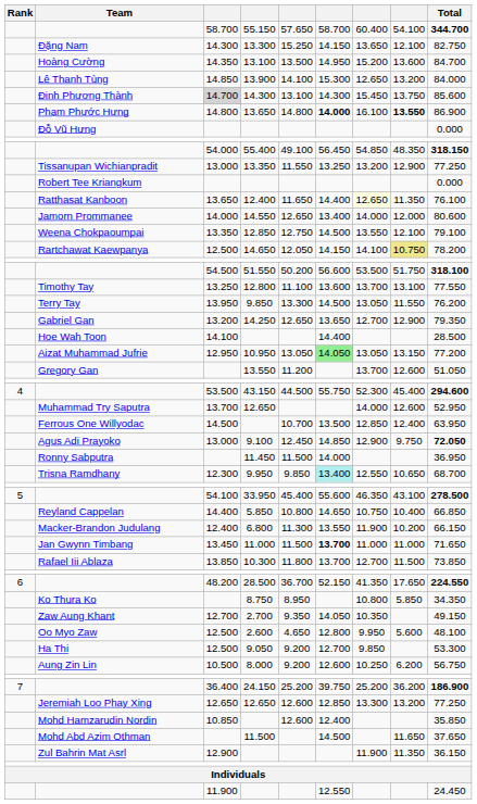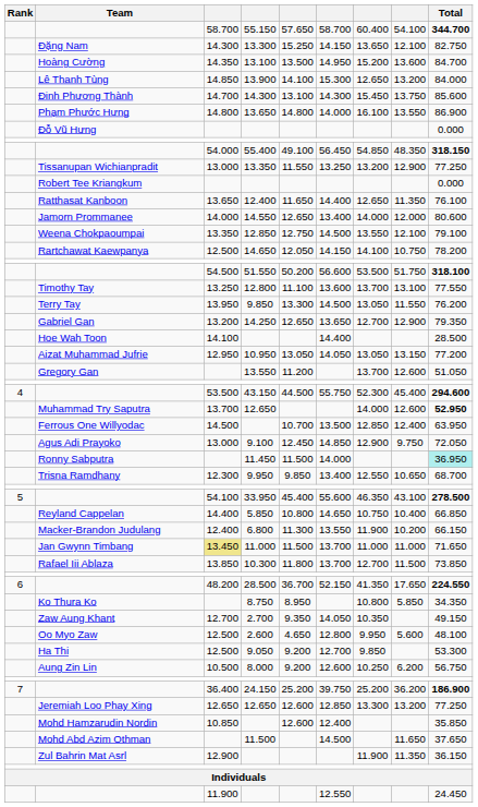 <table class=wikitable style="text-align:center">
 <tr>
 <th width=40>Rank</th>
 <th width=250>Team</th>
 <th width=50></th>
 <th width=50></th>
 <th width=50></th>
 <th width=50></th>
 <th width=50></th>
 <th width=50></th>
 <th width=60>Total</th>
 </tr>
 <tr>
 <td></td>
 <td align="left"></td>
 <td>58.700</td>
 <td>55.150</td>
 <td>57.650</td>
 <td>58.700</td>
 <td>60.400</td>
 <td>54.100</td>
 <td><strong>344.700</strong></td>
 </tr>
 <tr>
 <td></td>
 <td align=left><a href='#'>Đặng Nam</a></td>
 <td>14.300</td>
 <td>13.300</td>
 <td>15.250</td>
 <td>14.150</td>
 <td>13.650</td>
 <td>12.100</td>
 <td>82.750</td>
 </tr>
 <tr>
 <td></td>
 <td align=left><a href='#'>Hoàng Cường</a></td>
 <td>14.350</td>
 <td>13.100</td>
 <td>13.500</td>
 <td>14.950</td>
 <td>15.200</td>
 <td>13.600</td>
 <td>84.700</td>
 </tr>
 <tr>
 <td></td>
 <td align=left><a href='#'>Lê Thanh Tùng</a></td>
 <td>14.850</td>
 <td>13.900</td>
 <td>14.100</td>
 <td>15.300</td>
 <td>12.650</td>
 <td>13.200</td>
 <td>84.000</td>
 </tr>
 <tr>
 <td></td>
 <td align=left><a href='#'>Đinh Phương Thành</a></td>
-<td style="background: lightgrey;">14.700</td>
+<td>14.700</td>
 <td>14.300</td>
 <td>13.100</td>
 <td>14.300</td>
 <td>15.450</td>
 <td>13.750</td>
 <td>85.600</td>
 </tr>
 <tr>
 <td></td>
 <td align=left><a href='#'>Phạm Phước Hưng</a></td>
 <td>14.800</td>
 <td>13.650</td>
 <td>14.800</td>
-<td><strong>14.000</strong></td>
+<td>14.000</td>
 <td>16.100</td>
-<td><strong>13.550</strong></td>
+<td>13.550</td>
 <td>86.900</td>
 </tr>
 <tr>
 <td></td>
 <td align=left><a href='#'>Đỗ Vũ Hưng</a></td>
 <td></td>
 <td></td>
 <td></td>
 <td></td>
 <td></td>
 <td></td>
 <td>0.000</td>
 </tr>
 <tr>
 <th colspan=9 style="background-color:#ffffff;"></th>
 </tr>
 <tr>
 <td></td>
 <td align="left"></td>
 <td>54.000</td>
 <td>55.400</td>
 <td>49.100</td>
 <td>56.450</td>
 <td>54.850</td>
 <td>48.350</td>
 <td><strong>318.150</strong></td>
 </tr>
 <tr>
 <td></td>
 <td align=left><a href='#'>Tissanupan Wichianpradit</a></td>
 <td>13.000</td>
 <td>13.350</td>
 <td>11.550</td>
 <td>13.250</td>
 <td>13.200</td>
 <td>12.900</td>
 <td>77.250</td>
 </tr>
 <tr>
 <td></td>
 <td align=left><a href='#'>Robert Tee Kriangkum</a></td>
 <td></td>
 <td></td>
 <td></td>
 <td></td>
 <td></td>
 <td></td>
 <td>0.000</td>
 </tr>
 <tr>
 <td></td>
 <td align=left><a href='#'>Ratthasat Kanboon</a></td>
 <td>13.650</td>
 <td>12.400</td>
 <td>11.650</td>
 <td>14.400</td>
-<td style="background: lightyellow;">12.650</td>
+<td>12.650</td>
 <td>11.350</td>
 <td>76.100</td>
 </tr>
 <tr>
 <td></td>
 <td align=left><a href='#'>Jamorn Prommanee</a></td>
 <td>14.000</td>
 <td>14.550</td>
 <td>12.650</td>
 <td>13.400</td>
 <td>14.000</td>
 <td>12.000</td>
 <td>80.600</td>
 </tr>
 <tr>
 <td></td>
 <td align=left><a href='#'>Weena Chokpaoumpai</a></td>
 <td>13.350</td>
 <td>12.850</td>
 <td>12.750</td>
 <td>14.500</td>
 <td>13.550</td>
 <td>12.100</td>
 <td>79.100</td>
 </tr>
 <tr>
 <td></td>
 <td align=left><a href='#'>Rartchawat Kaewpanya</a></td>
 <td>12.500</td>
 <td>14.650</td>
 <td>12.050</td>
 <td>14.150</td>
 <td>14.100</td>
-<td style="background: khaki;">10.750</td>
+<td>10.750</td>
 <td>78.200</td>
 </tr>
 <tr>
 <th colspan=9 style="background-color:#ffffff;"></th>
 </tr>
 <tr>
 <td></td>
 <td align="left"></td>
 <td>54.500</td>
 <td>51.550</td>
 <td>50.200</td>
 <td>56.600</td>
 <td>53.500</td>
 <td>51.750</td>
 <td><strong>318.100</strong></td>
 </tr>
 <tr>
 <td></td>
 <td align=left><a href='#'>Timothy Tay</a></td>
 <td>13.250</td>
 <td>12.800</td>
 <td>11.100</td>
 <td>13.600</td>
 <td>13.700</td>
 <td>13.100</td>
 <td>77.550</td>
 </tr>
 <tr>
 <td></td>
 <td align=left><a href='#'>Terry Tay</a></td>
 <td>13.950</td>
 <td>9.850</td>
 <td>13.300</td>
 <td>14.500</td>
 <td>13.050</td>
 <td>11.550</td>
 <td>76.200</td>
 </tr>
 <tr>
 <td></td>
 <td align=left><a href='#'>Gabriel Gan</a></td>
 <td>13.200</td>
 <td>14.250</td>
 <td>12.650</td>
 <td>13.650</td>
 <td>12.700</td>
 <td>12.900</td>
 <td>79.350</td>
 </tr>
 <tr>
 <td></td>
 <td align=left><a href='#'>Hoe Wah Toon</a></td>
 <td>14.100</td>
 <td></td>
 <td></td>
 <td>14.400</td>
 <td></td>
 <td></td>
 <td>28.500</td>
 </tr>
 <tr>
 <td></td>
 <td align=left><a href='#'>Aizat Muhammad Jufrie</a></td>
 <td>12.950</td>
 <td>10.950</td>
 <td>13.050</td>
-<td style="background: lightgreen;">14.050</td>
+<td>14.050</td>
 <td>13.050</td>
 <td>13.150</td>
 <td>77.200</td>
 </tr>
 <tr>
 <td></td>
 <td align=left><a href='#'>Gregory Gan</a></td>
 <td></td>
 <td>13.550</td>
 <td>11.200</td>
 <td></td>
 <td>13.700</td>
 <td>12.600</td>
 <td>51.050</td>
 </tr>
 <tr>
 <th colspan=9 style="background-color:#ffffff;"></th>
 </tr>
 <tr>
 <td>4</td>
 <td align="left"></td>
 <td>53.500</td>
 <td>43.150</td>
 <td>44.500</td>
 <td>55.750</td>
 <td>52.300</td>
 <td>45.400</td>
 <td><strong>294.600</strong></td>
 </tr>
 <tr>
 <td></td>
 <td align=left><a href='#'>Muhammad Try Saputra</a></td>
 <td>13.700</td>
 <td>12.650</td>
 <td></td>
 <td></td>
 <td>14.000</td>
 <td>12.600</td>
-<td>52.950</td>
+<td><strong>52.950</strong></td>
 </tr>
 <tr>
 <td></td>
 <td align=left><a href='#'>Ferrous One Willyodac</a></td>
 <td>14.500</td>
 <td></td>
 <td>10.700</td>
 <td>13.500</td>
 <td>12.850</td>
 <td>12.400</td>
 <td>63.950</td>
 </tr>
 <tr>
 <td></td>
 <td align=left><a href='#'>Agus Adi Prayoko</a></td>
 <td>13.000</td>
 <td>9.100</td>
 <td>12.450</td>
 <td>14.850</td>
 <td>12.900</td>
 <td>9.750</td>
-<td><strong>72.050</strong></td>
+<td>72.050</td>
 </tr>
 <tr>
 <td></td>
 <td align=left><a href='#'>Ronny Sabputra</a></td>
 <td></td>
 <td>11.450</td>
 <td>11.500</td>
 <td>14.000</td>
 <td></td>
 <td></td>
-<td>36.950</td>
+<td style="background: paleturquoise;">36.950</td>
 </tr>
 <tr>
 <td></td>
 <td align=left><a href='#'>Trisna Ramdhany</a></td>
 <td>12.300</td>
 <td>9.950</td>
 <td>9.850</td>
-<td style="background: paleturquoise;">13.400</td>
+<td>13.400</td>
 <td>12.550</td>
 <td>10.650</td>
 <td>68.700</td>
 </tr>
 <tr>
 <th colspan=9 style="background-color:#ffffff;"></th>
 </tr>
 <tr>
 <td>5</td>
 <td align="left"></td>
 <td>54.100</td>
 <td>33.950</td>
 <td>45.400</td>
 <td>55.600</td>
 <td>46.350</td>
 <td>43.100</td>
 <td><strong>278.500</strong></td>
 </tr>
 <tr>
 <td></td>
 <td align=left><a href='#'>Reyland Cappelan</a></td>
 <td>14.400</td>
 <td>5.850</td>
 <td>10.800</td>
 <td>14.650</td>
 <td>10.750</td>
 <td>10.400</td>
 <td>66.850</td>
 </tr>
 <tr>
 <td></td>
 <td align=left><a href='#'>Macker-Brandon Judulang</a></td>
 <td>12.400</td>
 <td>6.800</td>
 <td>11.300</td>
 <td>13.550</td>
 <td>11.900</td>
 <td>10.200</td>
 <td>66.150</td>
 </tr>
 <tr>
 <td></td>
 <td align=left><a href='#'>Jan Gwynn Timbang</a></td>
-<td>13.450</td>
+<td style="background: khaki;">13.450</td>
 <td>11.000</td>
 <td>11.500</td>
-<td><strong>13.700</strong></td>
+<td>13.700</td>
 <td>11.000</td>
 <td>11.000</td>
 <td>71.650</td>
 </tr>
 <tr>
 <td></td>
 <td align=left><a href='#'>Rafael Iii Ablaza</a></td>
 <td>13.850</td>
 <td>10.300</td>
 <td>11.800</td>
 <td>13.700</td>
 <td>12.700</td>
 <td>11.500</td>
 <td>73.850</td>
 </tr>
 <tr>
 <th colspan=9 style="background-color:#ffffff;"></th>
 </tr>
 <tr>
 <td>6</td>
 <td align="left"></td>
 <td>48.200</td>
 <td>28.500</td>
 <td>36.700</td>
 <td>52.150</td>
 <td>41.350</td>
 <td>17.650</td>
 <td><strong>224.550</strong></td>
 </tr>
 <tr>
 <td></td>
 <td align=left><a href='#'>Ko Thura Ko</a></td>
 <td></td>
 <td>8.750</td>
 <td>8.950</td>
 <td></td>
 <td>10.800</td>
 <td>5.850</td>
 <td>34.350</td>
 </tr>
 <tr>
 <td></td>
 <td align=left><a href='#'>Zaw Aung Khant</a></td>
 <td>12.700</td>
 <td>2.700</td>
 <td>9.350</td>
 <td>14.050</td>
 <td>10.350</td>
 <td></td>
 <td>49.150</td>
 </tr>
 <tr>
 <td></td>
 <td align=left><a href='#'>Oo Myo Zaw</a></td>
 <td>12.500</td>
 <td>2.600</td>
 <td>4.650</td>
 <td>12.800</td>
 <td>9.950</td>
 <td>5.600</td>
 <td>48.100</td>
 </tr>
 <tr>
 <td></td>
 <td align=left><a href='#'>Ha Thi</a></td>
 <td>12.500</td>
 <td>9.050</td>
 <td>9.200</td>
 <td>12.700</td>
 <td>9.850</td>
 <td></td>
 <td>53.300</td>
 </tr>
 <tr>
 <td></td>
 <td align=left><a href='#'>Aung Zin Lin</a></td>
 <td>10.500</td>
 <td>8.000</td>
 <td>9.200</td>
 <td>12.600</td>
 <td>10.250</td>
 <td>6.200</td>
 <td>56.750</td>
 </tr>
 <tr>
 <th colspan=9 style="background-color:#ffffff;"></th>
 </tr>
 <tr>
 <td>7</td>
 <td align="left"></td>
 <td>36.400</td>
 <td>24.150</td>
 <td>25.200</td>
 <td>39.750</td>
 <td>25.200</td>
 <td>36.200</td>
 <td><strong>186.900</strong></td>
 </tr>
 <tr>
 <td></td>
 <td align=left><a href='#'>Jeremiah Loo Phay Xing</a></td>
 <td>12.650</td>
 <td>12.650</td>
 <td>12.600</td>
 <td>12.850</td>
 <td>13.300</td>
 <td>13.200</td>
 <td>77.250</td>
 </tr>
 <tr>
 <td></td>
 <td align=left><a href='#'>Mohd Hamzarudin Nordin</a></td>
 <td>10.850</td>
 <td></td>
 <td>12.600</td>
 <td>12.400</td>
 <td></td>
 <td></td>
 <td>35.850</td>
 </tr>
 <tr>
 <td></td>
 <td align=left><a href='#'>Mohd Abd Azim Othman</a></td>
 <td></td>
 <td>11.500</td>
 <td></td>
 <td>14.500</td>
 <td></td>
 <td>11.650</td>
 <td>37.650</td>
 </tr>
 <tr>
 <td></td>
 <td align=left><a href='#'>Zul Bahrin Mat Asrl</a></td>
 <td>12.900</td>
 <td></td>
 <td></td>
 <td></td>
 <td>11.900</td>
 <td>11.350</td>
 <td>36.150</td>
 </tr>
 <tr>
 <th colspan=9 style="background-color:#ffffff;"></th>
 </tr>
 <tr>
 <th colspan=9>Individuals</th>
 </tr>
 <tr>
 <td></td>
 <td align=left></td>
 <td>11.900</td>
 <td></td>
 <td></td>
 <td>12.550</td>
 <td></td>
 <td></td>
 <td>24.450</td>
 </tr>
 </table>
